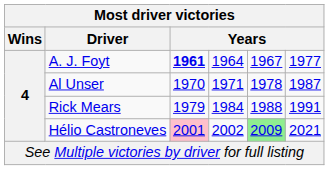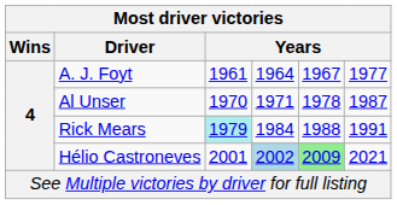 <table class="wikitable">
 <tr>
 <td style="background:#F2F2F2;" align="center" colspan="6"><strong>Most driver victories</strong></td>
 </tr>
 <tr>
 <th><strong>Wins</strong></th>
 <th><strong>Driver</strong></th>
 <td style="background:#F2F2F2;" align="center" colspan="4"><strong>Years</strong></td>
 </tr>
 <tr>
 <td style="background:#F2F2F2;" align="center" rowspan="4"><strong>4</strong></td>
 <td> <a href='#'>A. J. Foyt</a></td>
-<td align="center"><strong><a href='#'>1961</a></strong></td>
+<td align="center"><a href='#'>1961</a></td>
 <td align="center"><a href='#'>1964</a></td>
 <td align="center"><a href='#'>1967</a></td>
 <td align="center"><a href='#'>1977</a></td>
 </tr>
 <tr>
 <td> <a href='#'>Al Unser</a></td>
 <td align="center"><a href='#'>1970</a></td>
 <td align="center"><a href='#'>1971</a></td>
 <td align="center"><a href='#'>1978</a></td>
 <td align="center"><a href='#'>1987</a></td>
 </tr>
 <tr>
 <td> <a href='#'>Rick Mears</a></td>
-<td align="center"><a href='#'>1979</a></td>
+<td align="center" style="background: paleturquoise;"><a href='#'>1979</a></td>
 <td align="center"><a href='#'>1984</a></td>
 <td align="center"><a href='#'>1988</a></td>
 <td align="center"><a href='#'>1991</a></td>
 </tr>
 <tr>
 <td> <a href='#'>Hélio Castroneves</a></td>
-<td style="background: pink; text-align:center"><a href='#'>2001</a></td>
-<td style="text-align:center"><a href='#'>2002</a></td>
+<td style="text-align:center"><a href='#'>2001</a></td>
+<td style="background: lightblue; text-align:center"><a href='#'>2002</a></td>
 <td style="background: lightgreen; text-align:center"><a href='#'>2009</a></td>
 <td style="text-align:center"><a href='#'>2021</a></td>
 </tr>
 <tr>
 <td style="background:#F2F2F2;" align="center" colspan="6"><em>See <a href='#'>Multiple victories by driver</a> for full listing</em></td>
 </tr>
 </table>
